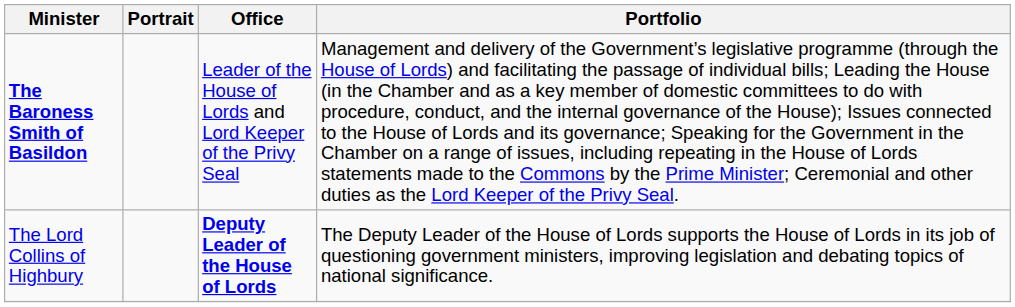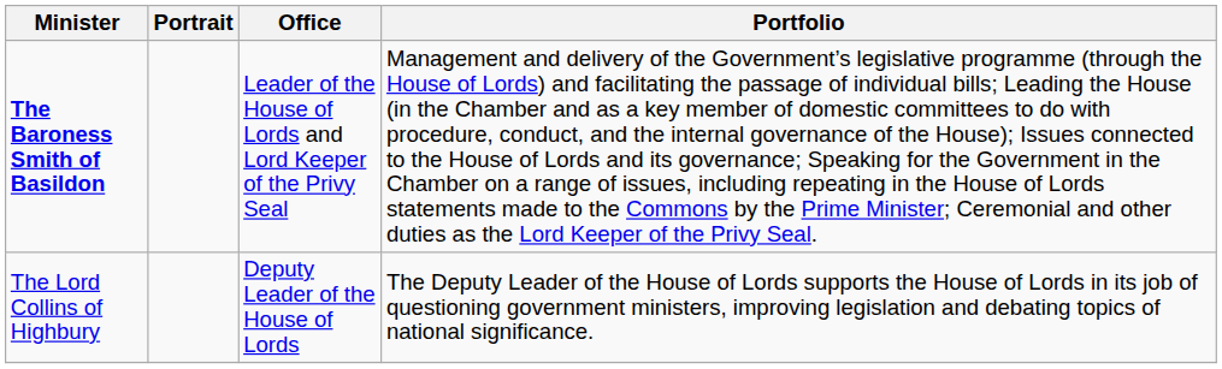 <table class=wikitable>
 <tr>
 <th width=95x>Minister</th>
 <th>Portrait</th>
 <th width=95x>Office</th>
 <th>Portfolio</th>
 </tr>
 <tr>
 <td> <strong><a href='#'>The Baroness Smith of Basildon</a></strong> </td>
 <td></td>
 <td><a href='#'>Leader of the House of Lords</a> and <a href='#'>Lord Keeper of the Privy Seal</a></td>
 <td>Management and delivery of the Government’s legislative programme (through the <a href='#'>House of Lords</a>) and facilitating the passage of individual bills; Leading the House (in the Chamber and as a key member of domestic committees to do with procedure, conduct, and the internal governance of the House); Issues connected to the House of Lords and its governance; Speaking for the Government in the Chamber on a range of issues, including repeating in the House of Lords statements made to the <a href='#'>Commons</a> by the <a href='#'>Prime Minister</a>; Ceremonial and other duties as the <a href='#'>Lord Keeper of the Privy Seal</a>.</td>
 </tr>
 <tr>
 <td> <a href='#'>The Lord Collins of Highbury</a></td>
 <td></td>
-<td><strong><a href='#'>Deputy Leader of the House of Lords</a></strong></td>
+<td><a href='#'>Deputy Leader of the House of Lords</a></td>
 <td>The Deputy Leader of the House of Lords supports the House of Lords in its job of questioning government ministers, improving legislation and debating topics of national significance.</td>
 </tr>
 <tr>
 </tr>
 </table>
